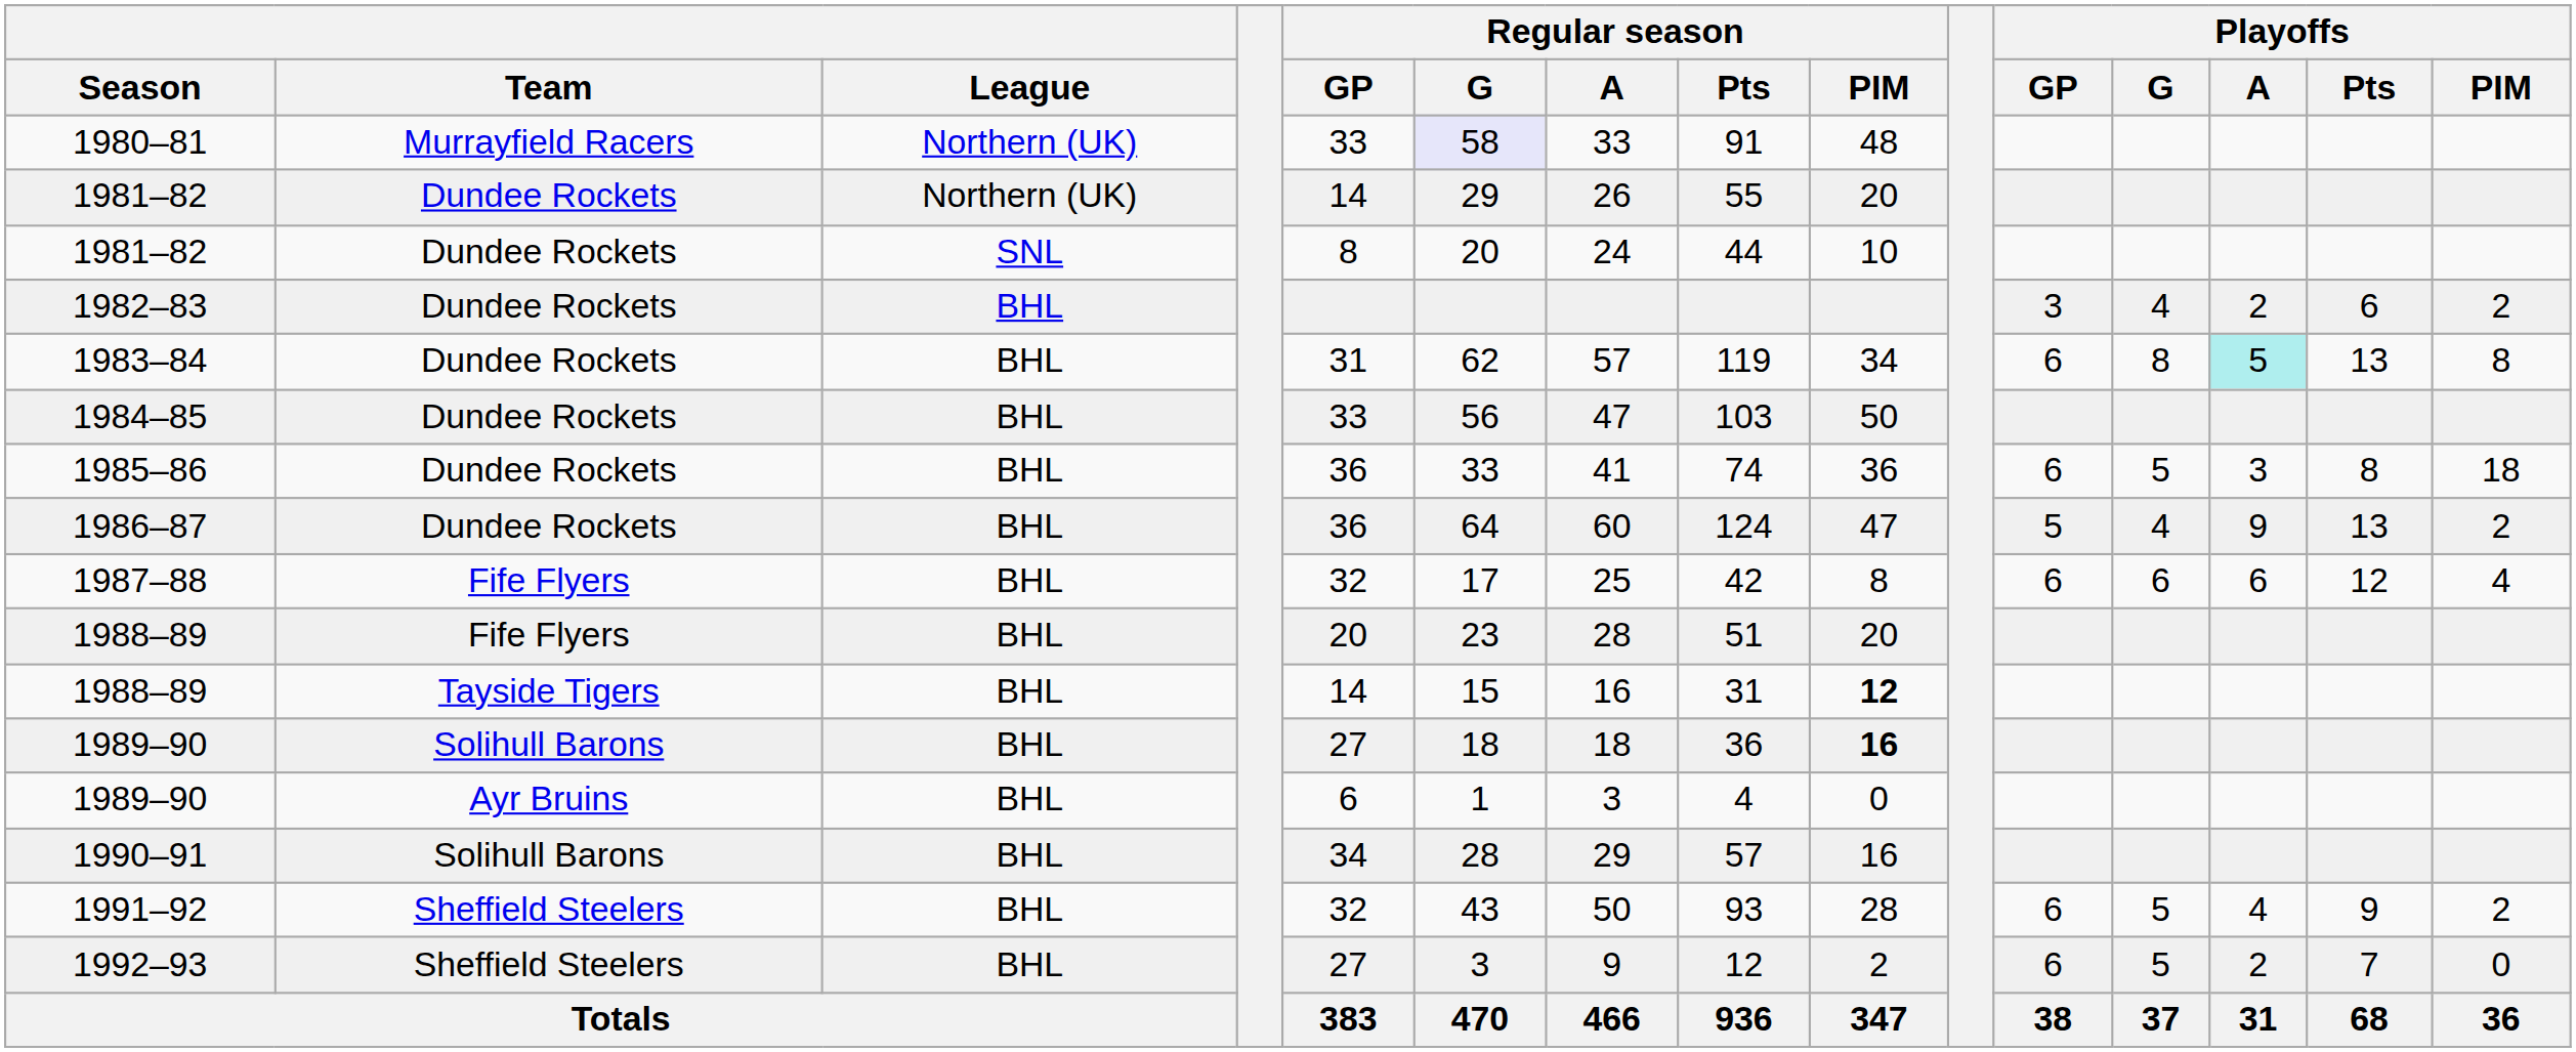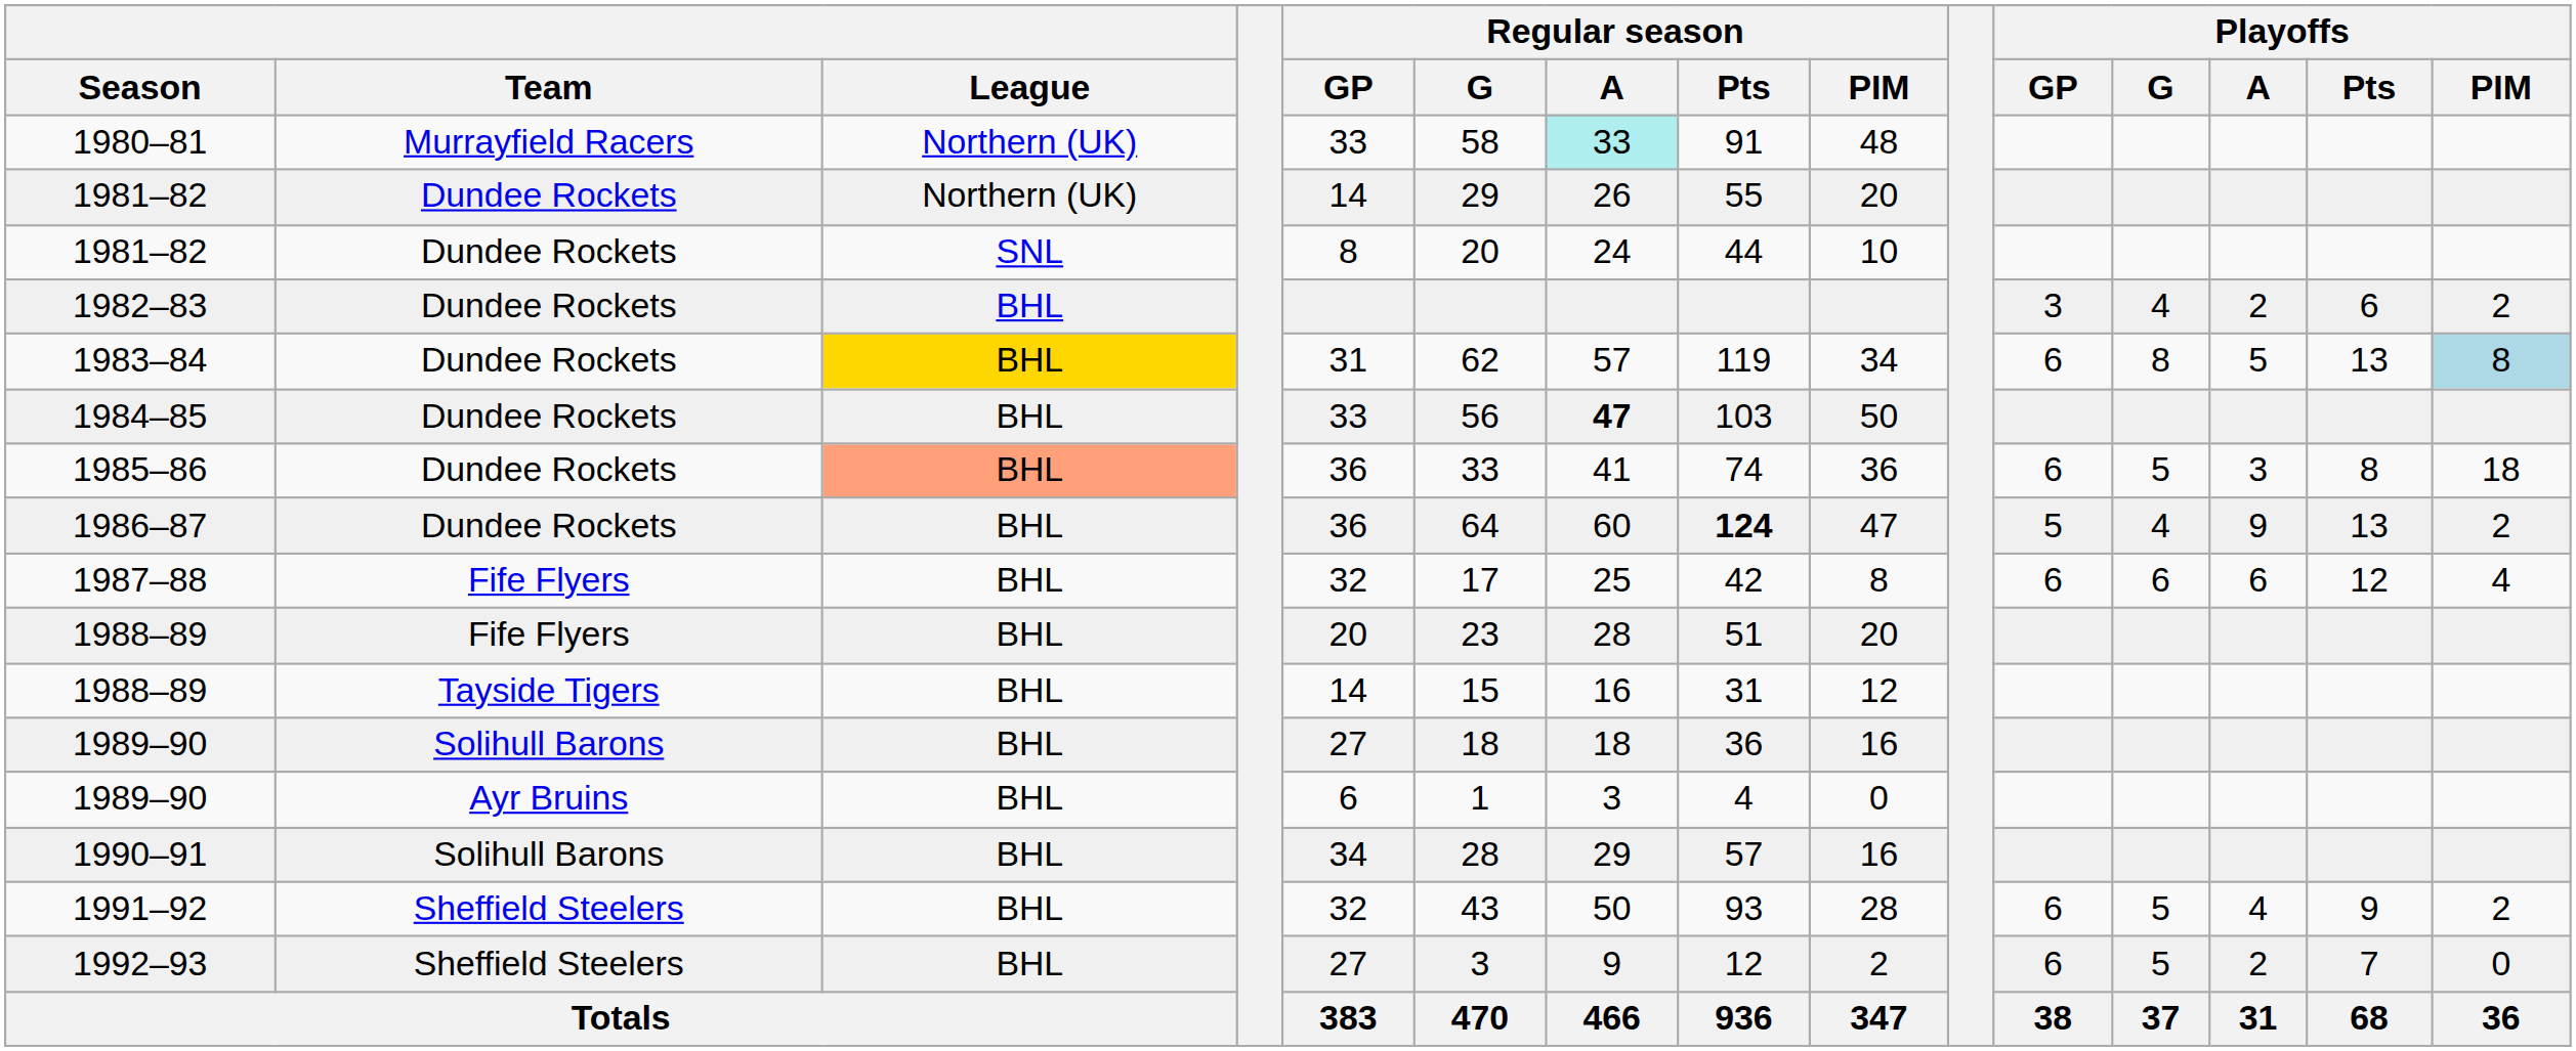 <table class="wikitable"| BORDER="0" CELLPADDING="1" CELLSPACING="0" width="75%" style="text-align:center">
 <tr bgcolor="#e0e0e0">
 <th colspan="3" bgcolor="#ffffff"> </th>
 <th rowspan="99" bgcolor="#ffffff"> </th>
 <th colspan="5">Regular season</th>
 <th rowspan="99" bgcolor="#ffffff"> </th>
 <th colspan="5">Playoffs</th>
 </tr>
 <tr bgcolor="#e0e0e0">
 <th>Season</th>
 <th>Team</th>
 <th>League</th>
 <th>GP</th>
 <th>G</th>
 <th>A</th>
 <th>Pts</th>
 <th>PIM</th>
 <th>GP</th>
 <th>G</th>
 <th>A</th>
 <th>Pts</th>
 <th>PIM</th>
 </tr>
 <tr ALIGN="center">
 <td>1980–81</td>
 <td><a href='#'>Murrayfield Racers</a></td>
 <td><a href='#'>Northern (UK)</a></td>
 <td>33</td>
-<td style="background: lavender;">58</td>
-<td>33</td>
+<td>58</td>
+<td style="background: paleturquoise;">33</td>
 <td>91</td>
 <td>48</td>
 <td></td>
 <td></td>
 <td></td>
 <td></td>
 <td></td>
 </tr>
 <tr ALIGN="center" bgcolor="#f0f0f0">
 <td>1981–82</td>
 <td><a href='#'>Dundee Rockets</a></td>
 <td>Northern (UK)</td>
 <td>14</td>
 <td>29</td>
 <td>26</td>
 <td>55</td>
 <td>20</td>
 <td></td>
 <td></td>
 <td></td>
 <td></td>
 <td></td>
 </tr>
 <tr ALIGN="center">
 <td>1981–82</td>
 <td>Dundee Rockets</td>
 <td><a href='#'>SNL</a></td>
 <td>8</td>
 <td>20</td>
 <td>24</td>
 <td>44</td>
 <td>10</td>
 <td></td>
 <td></td>
 <td></td>
 <td></td>
 <td></td>
 </tr>
 <tr ALIGN="center" bgcolor="#f0f0f0">
 <td>1982–83</td>
 <td>Dundee Rockets</td>
 <td><a href='#'>BHL</a></td>
 <td></td>
 <td></td>
 <td></td>
 <td></td>
 <td></td>
 <td>3</td>
 <td>4</td>
 <td>2</td>
 <td>6</td>
 <td>2</td>
 </tr>
 <tr ALIGN="center">
 <td>1983–84</td>
 <td>Dundee Rockets</td>
-<td>BHL</td>
+<td style="background: gold;">BHL</td>
 <td>31</td>
 <td>62</td>
 <td>57</td>
 <td>119</td>
 <td>34</td>
 <td>6</td>
 <td>8</td>
-<td style="background: paleturquoise;">5</td>
+<td>5</td>
 <td>13</td>
-<td>8</td>
+<td style="background: lightblue;">8</td>
 </tr>
 <tr ALIGN="center" bgcolor="#f0f0f0">
 <td>1984–85</td>
 <td>Dundee Rockets</td>
 <td>BHL</td>
 <td>33</td>
 <td>56</td>
-<td>47</td>
+<td><strong>47</strong></td>
 <td>103</td>
 <td>50</td>
 <td></td>
 <td></td>
 <td></td>
 <td></td>
 <td></td>
 </tr>
 <tr ALIGN="center">
 <td>1985–86</td>
 <td>Dundee Rockets</td>
-<td>BHL</td>
+<td style="background: lightsalmon;">BHL</td>
 <td>36</td>
 <td>33</td>
 <td>41</td>
 <td>74</td>
 <td>36</td>
 <td>6</td>
 <td>5</td>
 <td>3</td>
 <td>8</td>
 <td>18</td>
 </tr>
 <tr ALIGN="center" bgcolor="#f0f0f0">
 <td>1986–87</td>
 <td>Dundee Rockets</td>
 <td>BHL</td>
 <td>36</td>
 <td>64</td>
 <td>60</td>
-<td>124</td>
+<td><strong>124</strong></td>
 <td>47</td>
 <td>5</td>
 <td>4</td>
 <td>9</td>
 <td>13</td>
 <td>2</td>
 </tr>
 <tr ALIGN="center">
 <td>1987–88</td>
 <td><a href='#'>Fife Flyers</a></td>
 <td>BHL</td>
 <td>32</td>
 <td>17</td>
 <td>25</td>
 <td>42</td>
 <td>8</td>
 <td>6</td>
 <td>6</td>
 <td>6</td>
 <td>12</td>
 <td>4</td>
 </tr>
 <tr ALIGN="center" bgcolor="#f0f0f0">
 <td>1988–89</td>
 <td>Fife Flyers</td>
 <td>BHL</td>
 <td>20</td>
 <td>23</td>
 <td>28</td>
 <td>51</td>
 <td>20</td>
 <td></td>
 <td></td>
 <td></td>
 <td></td>
 <td></td>
 </tr>
 <tr ALIGN="center">
 <td>1988–89</td>
 <td><a href='#'>Tayside Tigers</a></td>
 <td>BHL</td>
 <td>14</td>
 <td>15</td>
 <td>16</td>
 <td>31</td>
-<td><strong>12</strong></td>
+<td>12</td>
 <td></td>
 <td></td>
 <td></td>
 <td></td>
 <td></td>
 </tr>
 <tr ALIGN="center" bgcolor="#f0f0f0">
 <td>1989–90</td>
 <td><a href='#'>Solihull Barons</a></td>
 <td>BHL</td>
 <td>27</td>
 <td>18</td>
 <td>18</td>
 <td>36</td>
-<td><strong>16</strong></td>
+<td>16</td>
 <td></td>
 <td></td>
 <td></td>
 <td></td>
 <td></td>
 </tr>
 <tr ALIGN="center">
 <td>1989–90</td>
 <td><a href='#'>Ayr Bruins</a></td>
 <td>BHL</td>
 <td>6</td>
 <td>1</td>
 <td>3</td>
 <td>4</td>
 <td>0</td>
 <td></td>
 <td></td>
 <td></td>
 <td></td>
 <td></td>
 </tr>
 <tr ALIGN="center" bgcolor="#f0f0f0">
 <td>1990–91</td>
 <td>Solihull Barons</td>
 <td>BHL</td>
 <td>34</td>
 <td>28</td>
 <td>29</td>
 <td>57</td>
 <td>16</td>
 <td></td>
 <td></td>
 <td></td>
 <td></td>
 <td></td>
 </tr>
 <tr ALIGN="center">
 <td>1991–92</td>
 <td><a href='#'>Sheffield Steelers</a></td>
 <td>BHL</td>
 <td>32</td>
 <td>43</td>
 <td>50</td>
 <td>93</td>
 <td>28</td>
 <td>6</td>
 <td>5</td>
 <td>4</td>
 <td>9</td>
 <td>2</td>
 </tr>
 <tr ALIGN="center" bgcolor="#f0f0f0">
 <td>1992–93</td>
 <td>Sheffield Steelers</td>
 <td>BHL</td>
 <td>27</td>
 <td>3</td>
 <td>9</td>
 <td>12</td>
 <td>2</td>
 <td>6</td>
 <td>5</td>
 <td>2</td>
 <td>7</td>
 <td>0</td>
 </tr>
 <tr style="background-color:#e0e0e0;">
 <th colspan="3">Totals</th>
 <th>383</th>
 <th>470</th>
 <th>466</th>
 <th>936</th>
 <th>347</th>
 <th>38</th>
 <th>37</th>
 <th>31</th>
 <th>68</th>
 <th>36</th>
 </tr>
 </table>
